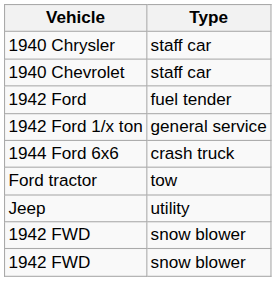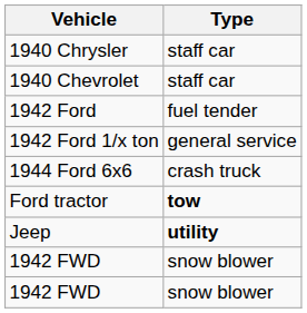 <table class="wikitable">
 <tr>
 <th>Vehicle</th>
 <th>Type</th>
 </tr>
 <tr>
 <td>1940 Chrysler</td>
 <td>staff car</td>
 </tr>
 <tr>
 <td>1940 Chevrolet</td>
 <td>staff car</td>
 </tr>
 <tr>
 <td>1942 Ford</td>
 <td>fuel tender</td>
 </tr>
 <tr>
 <td>1942 Ford 1/x ton</td>
 <td>general service</td>
 </tr>
 <tr>
 <td>1944 Ford 6x6</td>
 <td>crash truck</td>
 </tr>
 <tr>
 <td>Ford tractor</td>
-<td>tow</td>
+<td><strong>tow</strong></td>
 </tr>
 <tr>
 <td>Jeep</td>
-<td>utility</td>
+<td><strong>utility</strong></td>
 </tr>
 <tr>
 <td>1942 FWD</td>
 <td>snow blower</td>
 </tr>
 <tr>
 <td>1942 FWD</td>
 <td>snow blower</td>
 </tr>
 </table>
